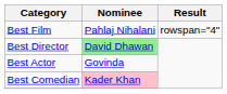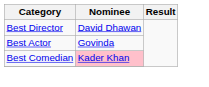 <table class="wikitable">
 <tr>
 <th>Category</th>
 <th>Nominee</th>
 <th>Result</th>
 </tr>
 <tr>
-<td><a href='#'>Best Film</a></td>
-<td><a href='#'>Pahlaj Nihalani</a></td>
-<td>rowspan="4" </td>
-</tr>
-<tr>
 <td><a href='#'>Best Director</a></td>
-<td style="background: lightgreen;"><a href='#'>David Dhawan</a></td>
+<td><a href='#'>David Dhawan</a></td>
 </tr>
 <tr>
 <td><a href='#'>Best Actor</a></td>
 <td><a href='#'>Govinda</a></td>
 </tr>
 <tr>
 <td><a href='#'>Best Comedian</a></td>
 <td style="background: pink;"><a href='#'>Kader Khan</a></td>
 </tr>
 <tr>
 </tr>
 </table>
